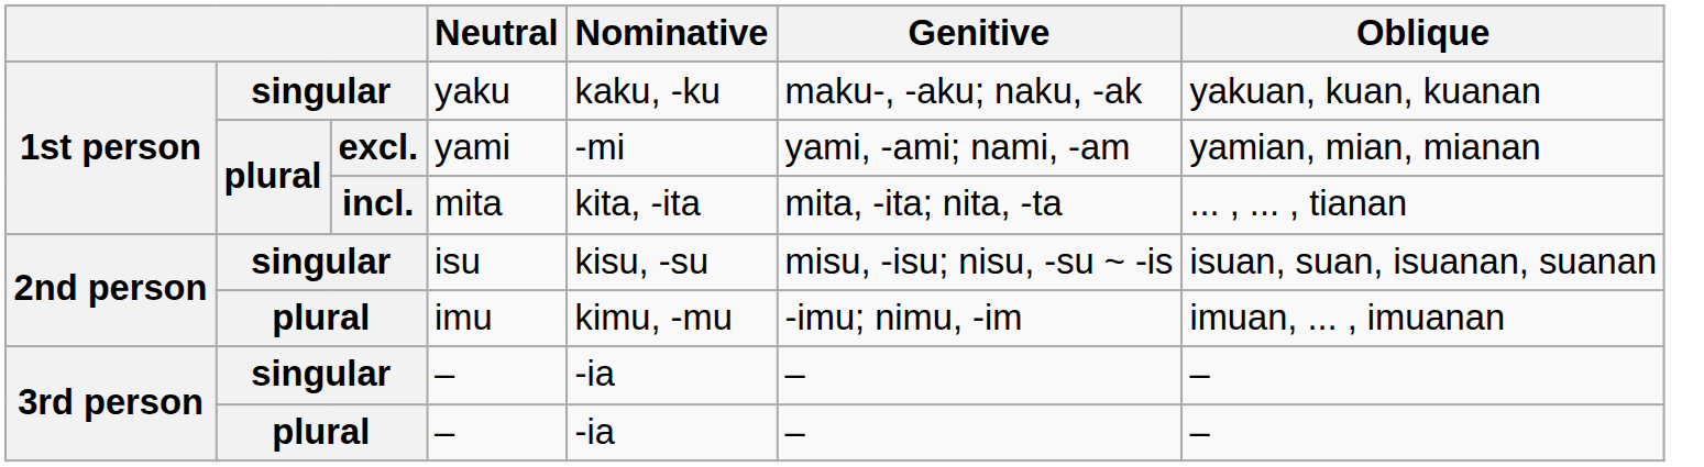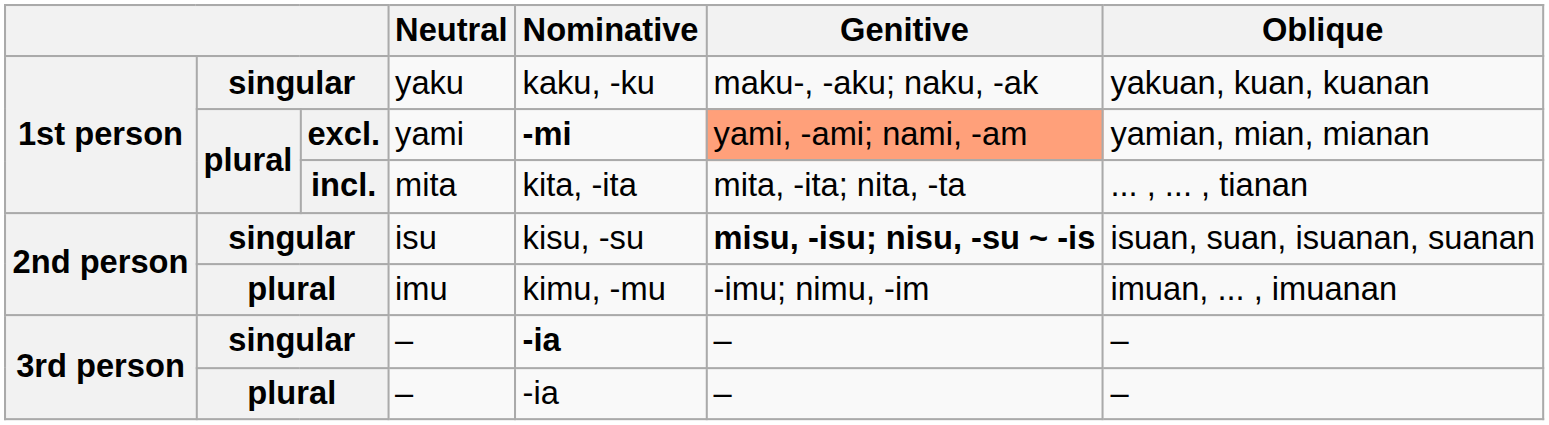 <table class="wikitable">
 <tr>
 <th colspan="3"></th>
 <th>Neutral</th>
 <th>Nominative</th>
 <th>Genitive</th>
 <th>Oblique</th>
 </tr>
 <tr>
 <th rowspan="3">1st person</th>
 <th colspan="2">singular</th>
 <td>yaku</td>
 <td>kaku, -ku</td>
 <td>maku-, -aku; naku, -ak</td>
 <td>yakuan, kuan, kuanan</td>
 </tr>
 <tr>
 <th rowspan="2">plural</th>
 <th>excl.</th>
 <td>yami</td>
-<td>-mi</td>
-<td>yami, -ami; nami, -am</td>
+<td><strong>-mi</strong></td>
+<td style="background: lightsalmon;">yami, -ami; nami, -am</td>
 <td>yamian, mian, mianan</td>
 </tr>
 <tr>
 <th>incl.</th>
 <td>mita</td>
 <td>kita, -ita</td>
 <td>mita, -ita; nita, -ta</td>
 <td>... , ... , tianan</td>
 </tr>
 <tr>
 <th rowspan="2">2nd person</th>
 <th colspan="2">singular</th>
 <td>isu</td>
 <td>kisu, -su</td>
-<td>misu, -isu; nisu, -su ~ -is</td>
+<td><strong>misu, -isu; nisu, -su ~ -is</strong></td>
 <td>isuan, suan, isuanan, suanan</td>
 </tr>
 <tr>
 <th colspan="2">plural</th>
 <td>imu</td>
 <td>kimu, -mu</td>
 <td>-imu; nimu, -im</td>
 <td>imuan, ... , imuanan</td>
 </tr>
 <tr>
 <th rowspan="2">3rd person</th>
 <th colspan="2">singular</th>
 <td>–</td>
-<td>-ia</td>
+<td><strong>-ia</strong></td>
 <td>–</td>
 <td>–</td>
 </tr>
 <tr>
 <th colspan="2">plural</th>
 <td>–</td>
 <td>-ia</td>
 <td>–</td>
 <td>–</td>
 </tr>
 </table>
